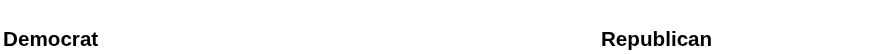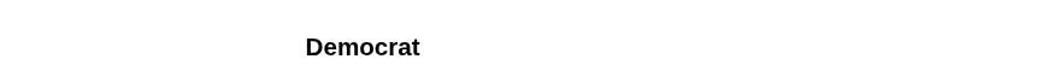 <table style="width:70%; text-align:center">
 <tr style="color:white">
 <td style="background:"><strong>151</strong></td>
 <td style="background:"><strong>6</strong></td>
-<td style="background:"><strong>200</strong></td>
 </tr>
 <tr>
 <td><span><strong>Democrat</strong></span></td>
 <td></td>
-<td><span><strong>Republican</strong></span></td>
 </tr>
 </table>
